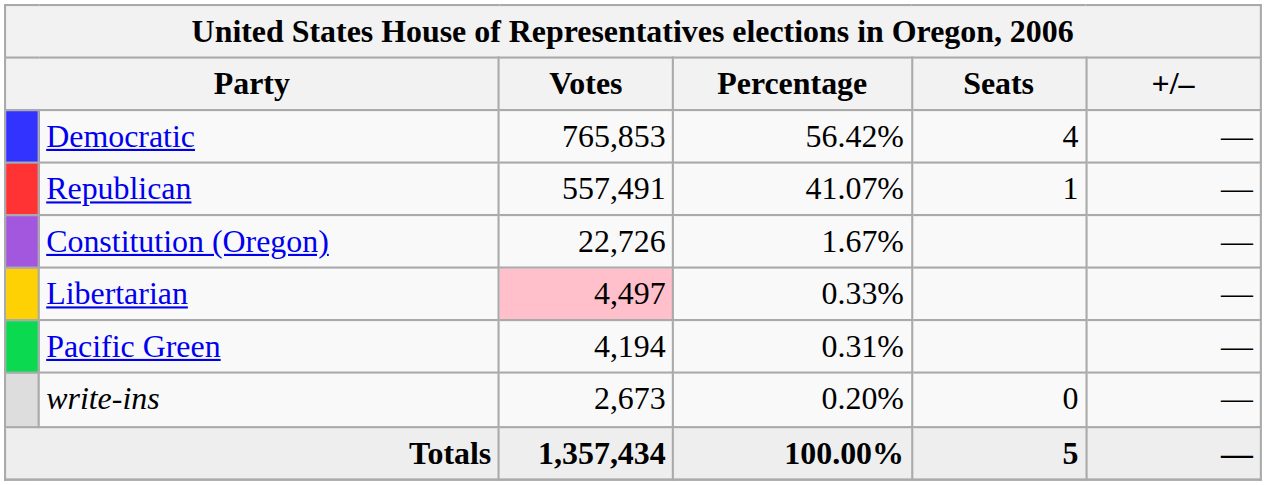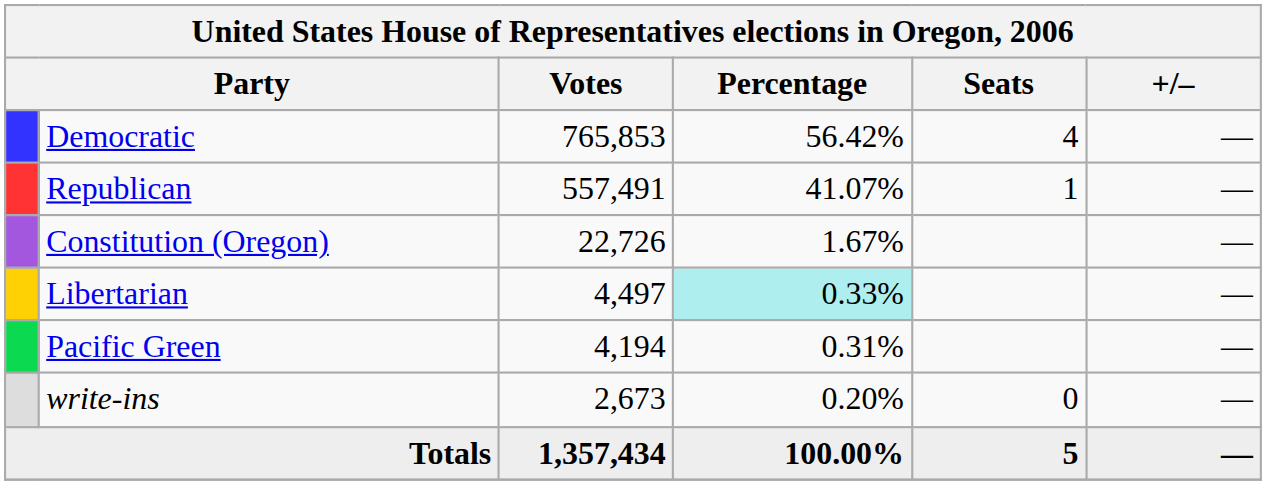 <table class="wikitable" style="font-size: 95%;">
 <tr>
 <th colspan="6">United States House of Representatives elections in Oregon, 2006</th>
 </tr>
 <tr>
 <th colspan=2 style="width: 15em">Party</th>
 <th style="width: 5em">Votes</th>
 <th style="width: 7em">Percentage</th>
 <th style="width: 5em">Seats</th>
 <th style="width: 5em">+/–</th>
 </tr>
 <tr>
 <th style="background-color:#3333FF; width: 3px"></th>
 <td style="width: 130px"><a href='#'>Democratic</a></td>
 <td align="right">765,853</td>
 <td align="right">56.42%</td>
 <td align="right">4</td>
 <td align="right">—</td>
 </tr>
 <tr>
 <th style="background-color:#FF3333; width: 3px"></th>
 <td style="width: 130px"><a href='#'>Republican</a></td>
 <td align="right">557,491</td>
 <td align="right">41.07%</td>
 <td align="right">1</td>
 <td align="right">—</td>
 </tr>
 <tr>
 <th style="background-color:#A356DE; width: 3px"></th>
 <td style="width: 130px"><a href='#'>Constitution (Oregon)</a></td>
 <td align="right">22,726</td>
 <td align="right">1.67%</td>
 <td align="right"></td>
 <td align="right">—</td>
 </tr>
 <tr>
 <th style="background-color:#FED105; width: 3px"></th>
 <td style="width: 130px"><a href='#'>Libertarian</a></td>
-<td align="right" style="background: pink;">4,497</td>
-<td align="right">0.33%</td>
+<td align="right">4,497</td>
+<td align="right" style="background: paleturquoise;">0.33%</td>
 <td align="right"></td>
 <td align="right">—</td>
 </tr>
 <tr>
 <th style="background-color:#0BDA51; width: 3px"></th>
 <td style="width: 130px"><a href='#'>Pacific Green</a></td>
 <td align="right">4,194</td>
 <td align="right">0.31%</td>
 <td align="right"></td>
 <td align="right">—</td>
 </tr>
 <tr>
 <th style="background-color:#DDDDDD; width: 3px"></th>
 <td style="width: 130px"><em>write-ins</em></td>
 <td align="right">2,673</td>
 <td align="right">0.20%</td>
 <td align="right">0</td>
 <td align="right">—</td>
 </tr>
 <tr bgcolor="#EEEEEE">
 <td colspan="2" align="right"><strong>Totals</strong></td>
 <td align="right"><strong>1,357,434</strong></td>
 <td align="right"><strong>100.00%</strong></td>
 <td align="right"><strong>5</strong></td>
 <td align="right"><strong>—</strong></td>
 </tr>
 <tr bgcolor="#EEEEEE">
 </tr>
 </table>
